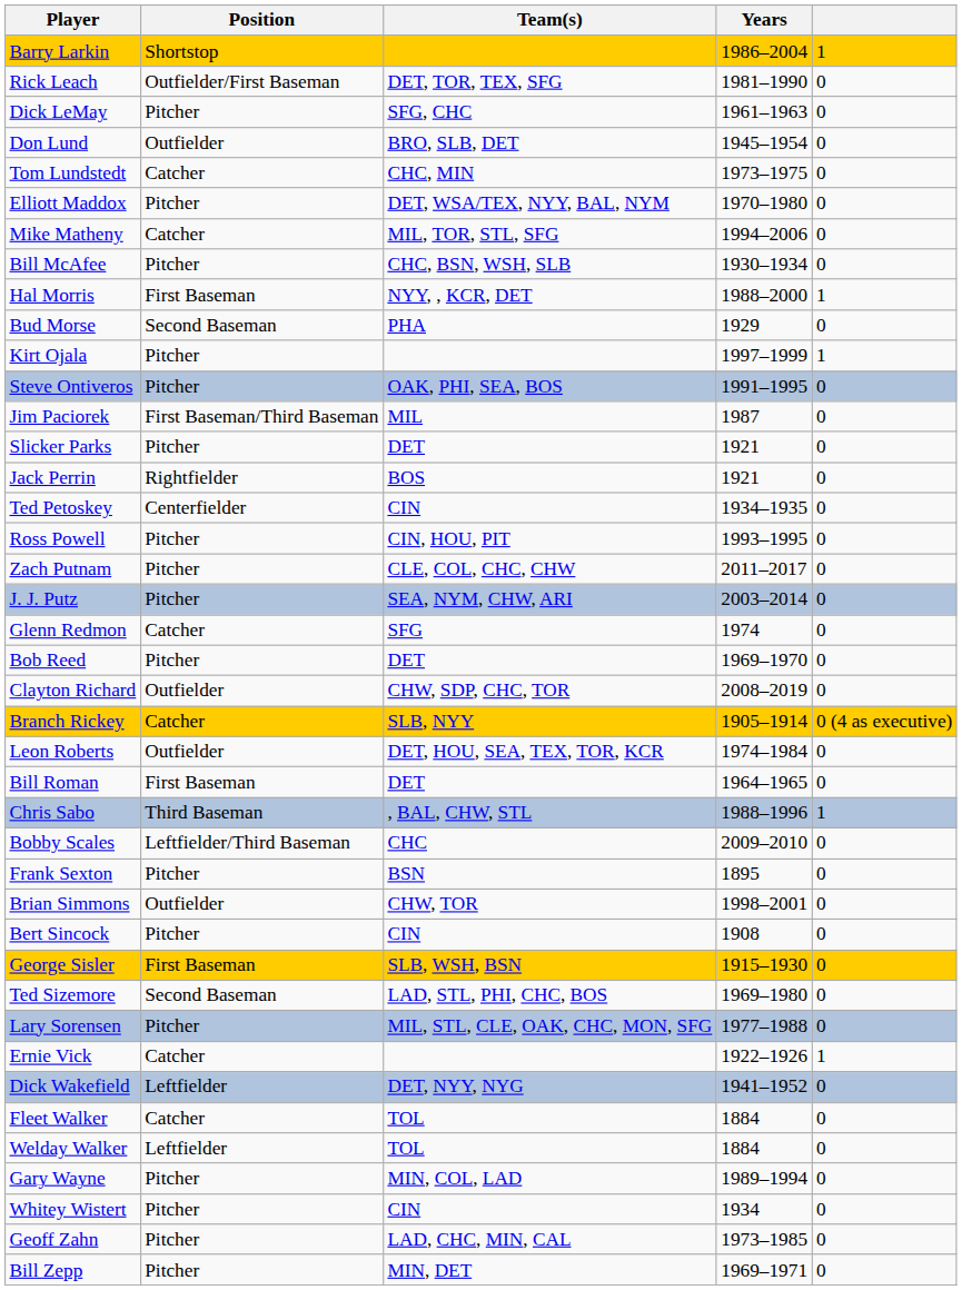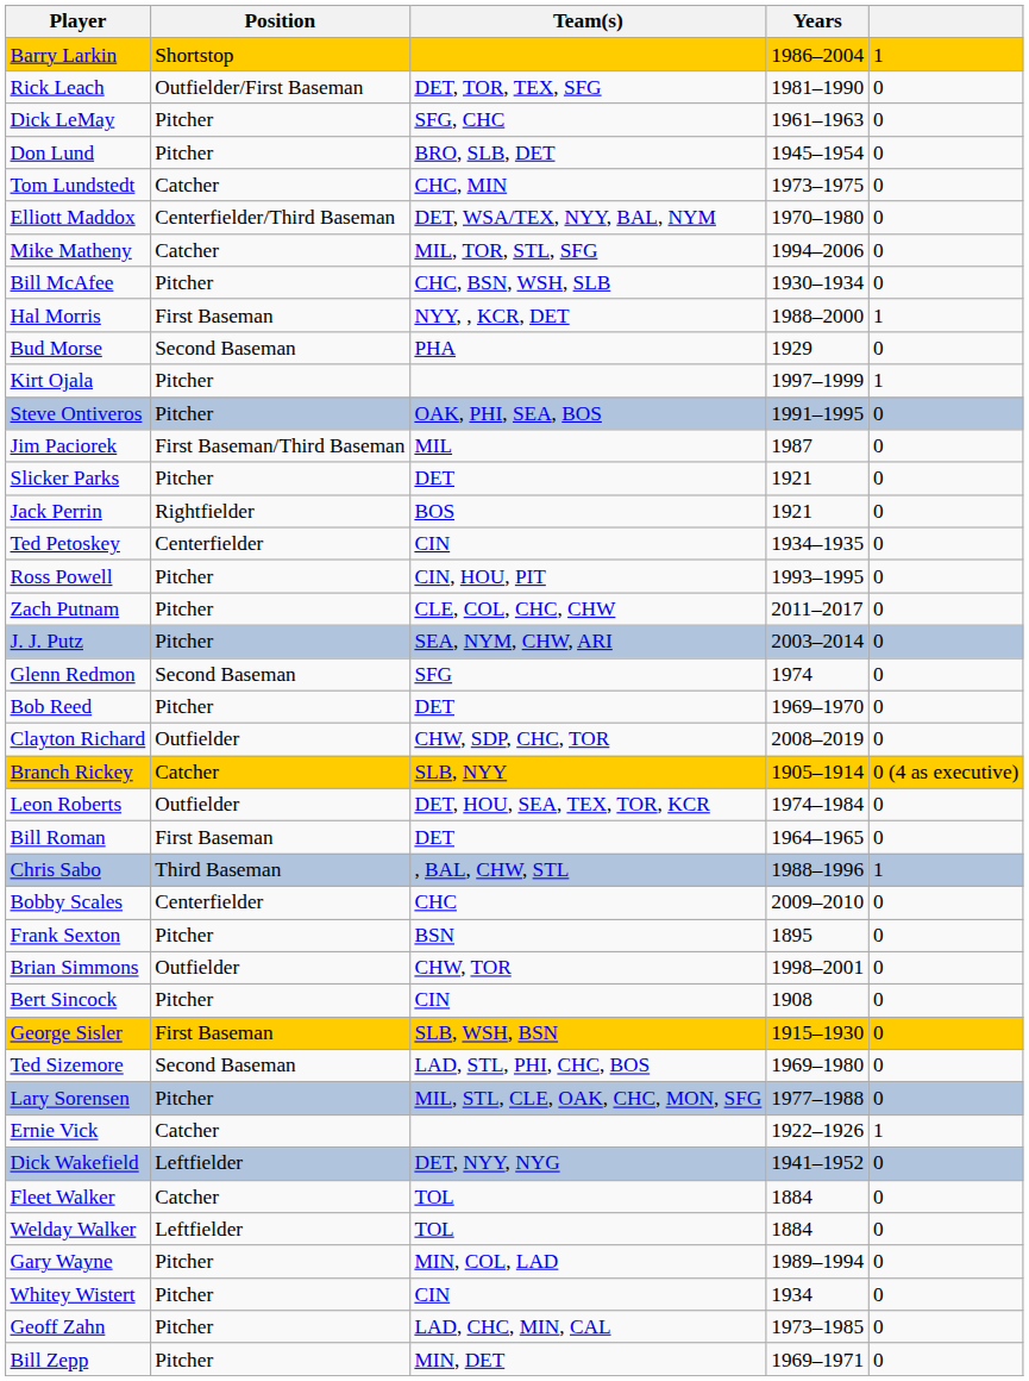 <table class="wikitable sortable">
 <tr>
 <th>Player</th>
 <th>Position</th>
 <th>Team(s)</th>
 <th>Years</th>
 <th><a href='#'></a></th>
 </tr>
 <tr bgcolor=#FFCC00>
 <td><a href='#'>Barry Larkin</a></td>
 <td>Shortstop</td>
 <td><span><strong></strong></span></td>
 <td>1986–2004</td>
 <td>1</td>
 </tr>
 <tr>
 <td><a href='#'>Rick Leach</a></td>
 <td>Outfielder/First Baseman</td>
 <td><a href='#'>DET</a>, <a href='#'>TOR</a>, <a href='#'>TEX</a>, <a href='#'>SFG</a></td>
 <td>1981–1990</td>
 <td>0</td>
 </tr>
 <tr>
 <td><a href='#'>Dick LeMay</a></td>
 <td>Pitcher</td>
 <td><a href='#'>SFG</a>, <a href='#'>CHC</a></td>
 <td>1961–1963</td>
 <td>0</td>
 </tr>
 <tr>
 <td><a href='#'>Don Lund</a></td>
-<td>Outfielder</td>
+<td>Pitcher</td>
 <td><a href='#'>BRO</a>, <a href='#'>SLB</a>, <a href='#'>DET</a></td>
 <td>1945–1954</td>
 <td>0</td>
 </tr>
 <tr>
 <td><a href='#'>Tom Lundstedt</a></td>
 <td>Catcher</td>
 <td><a href='#'>CHC</a>, <a href='#'>MIN</a></td>
 <td>1973–1975</td>
 <td>0</td>
 </tr>
 <tr>
 <td><a href='#'>Elliott Maddox</a></td>
-<td>Pitcher</td>
+<td>Centerfielder/Third Baseman</td>
 <td><a href='#'>DET</a>, <a href='#'>WSA/TEX</a>, <a href='#'>NYY</a>, <a href='#'>BAL</a>, <a href='#'>NYM</a></td>
 <td>1970–1980</td>
 <td>0</td>
 </tr>
 <tr>
 <td><a href='#'>Mike Matheny</a></td>
 <td>Catcher</td>
 <td><a href='#'>MIL</a>, <a href='#'>TOR</a>, <a href='#'>STL</a>, <a href='#'>SFG</a></td>
 <td>1994–2006</td>
 <td>0</td>
 </tr>
 <tr>
 <td><a href='#'>Bill McAfee</a></td>
 <td>Pitcher</td>
 <td><a href='#'>CHC</a>, <a href='#'>BSN</a>, <a href='#'>WSH</a>, <a href='#'>SLB</a></td>
 <td>1930–1934</td>
 <td>0</td>
 </tr>
 <tr>
 <td><a href='#'>Hal Morris</a></td>
 <td>First Baseman</td>
 <td><a href='#'>NYY</a>, <span><strong></strong></span>, <a href='#'>KCR</a>, <a href='#'>DET</a></td>
 <td>1988–2000</td>
 <td>1</td>
 </tr>
 <tr>
 <td><a href='#'>Bud Morse</a></td>
 <td>Second Baseman</td>
 <td><a href='#'>PHA</a></td>
 <td>1929</td>
 <td>0</td>
 </tr>
 <tr>
 <td><a href='#'>Kirt Ojala</a></td>
 <td>Pitcher</td>
 <td><span><strong></strong></span></td>
 <td>1997–1999</td>
 <td>1</td>
 </tr>
 <tr bgcolor=lightsteelblue>
 <td><a href='#'>Steve Ontiveros</a></td>
 <td>Pitcher</td>
 <td><a href='#'>OAK</a>, <a href='#'>PHI</a>, <a href='#'>SEA</a>, <a href='#'>BOS</a></td>
 <td>1991–1995</td>
 <td>0</td>
 </tr>
 <tr>
 <td><a href='#'>Jim Paciorek</a></td>
 <td>First Baseman/Third Baseman</td>
 <td><a href='#'>MIL</a></td>
 <td>1987</td>
 <td>0</td>
 </tr>
 <tr>
 <td><a href='#'>Slicker Parks</a></td>
 <td>Pitcher</td>
 <td><a href='#'>DET</a></td>
 <td>1921</td>
 <td>0</td>
 </tr>
 <tr>
 <td><a href='#'>Jack Perrin</a></td>
 <td>Rightfielder</td>
 <td><a href='#'>BOS</a></td>
 <td>1921</td>
 <td>0</td>
 </tr>
 <tr>
 <td><a href='#'>Ted Petoskey</a></td>
 <td>Centerfielder</td>
 <td><a href='#'>CIN</a></td>
 <td>1934–1935</td>
 <td>0</td>
 </tr>
 <tr>
 <td><a href='#'>Ross Powell</a></td>
 <td>Pitcher</td>
 <td><a href='#'>CIN</a>, <a href='#'>HOU</a>, <a href='#'>PIT</a></td>
 <td>1993–1995</td>
 <td>0</td>
 </tr>
 <tr>
 <td><a href='#'>Zach Putnam</a></td>
 <td>Pitcher</td>
 <td><a href='#'>CLE</a>, <a href='#'>COL</a>, <a href='#'>CHC</a>, <a href='#'>CHW</a></td>
 <td>2011–2017</td>
 <td>0</td>
 </tr>
 <tr bgcolor=lightsteelblue>
 <td><a href='#'>J. J. Putz</a></td>
 <td>Pitcher</td>
 <td><a href='#'>SEA</a>, <a href='#'>NYM</a>, <a href='#'>CHW</a>, <a href='#'>ARI</a></td>
 <td>2003–2014</td>
 <td>0</td>
 </tr>
 <tr>
 <td><a href='#'>Glenn Redmon</a></td>
-<td>Catcher</td>
+<td>Second Baseman</td>
 <td><a href='#'>SFG</a></td>
 <td>1974</td>
 <td>0</td>
 </tr>
 <tr>
 <td><a href='#'>Bob Reed</a></td>
 <td>Pitcher</td>
 <td><a href='#'>DET</a></td>
 <td>1969–1970</td>
 <td>0</td>
 </tr>
 <tr>
 <td><a href='#'>Clayton Richard</a></td>
 <td>Outfielder</td>
 <td><a href='#'>CHW</a>, <a href='#'>SDP</a>, <a href='#'>CHC</a>, <a href='#'>TOR</a></td>
 <td>2008–2019</td>
 <td>0</td>
 </tr>
 <tr bgcolor=#FFCC00>
 <td><a href='#'>Branch Rickey</a></td>
 <td>Catcher</td>
 <td><a href='#'>SLB</a>, <a href='#'>NYY</a></td>
 <td>1905–1914</td>
 <td>0 (4 as executive)</td>
 </tr>
 <tr>
 <td><a href='#'>Leon Roberts</a></td>
 <td>Outfielder</td>
 <td><a href='#'>DET</a>, <a href='#'>HOU</a>, <a href='#'>SEA</a>, <a href='#'>TEX</a>, <a href='#'>TOR</a>, <a href='#'>KCR</a></td>
 <td>1974–1984</td>
 <td>0</td>
 </tr>
 <tr>
 <td><a href='#'>Bill Roman</a></td>
 <td>First Baseman</td>
 <td><a href='#'>DET</a></td>
 <td>1964–1965</td>
 <td>0</td>
 </tr>
 <tr bgcolor=lightsteelblue>
 <td><a href='#'>Chris Sabo</a></td>
 <td>Third Baseman</td>
 <td><span><strong></strong></span>, <a href='#'>BAL</a>, <a href='#'>CHW</a>, <a href='#'>STL</a></td>
 <td>1988–1996</td>
 <td>1</td>
 </tr>
 <tr>
 <td><a href='#'>Bobby Scales</a></td>
-<td>Leftfielder/Third Baseman</td>
+<td>Centerfielder</td>
 <td><a href='#'>CHC</a></td>
 <td>2009–2010</td>
 <td>0</td>
 </tr>
 <tr>
 <td><a href='#'>Frank Sexton</a></td>
 <td>Pitcher</td>
 <td><a href='#'>BSN</a></td>
 <td>1895</td>
 <td>0</td>
 </tr>
 <tr>
 <td><a href='#'>Brian Simmons</a></td>
 <td>Outfielder</td>
 <td><a href='#'>CHW</a>, <a href='#'>TOR</a></td>
 <td>1998–2001</td>
 <td>0</td>
 </tr>
 <tr>
 <td><a href='#'>Bert Sincock</a></td>
 <td>Pitcher</td>
 <td><a href='#'>CIN</a></td>
 <td>1908</td>
 <td>0</td>
 </tr>
 <tr bgcolor=#FFCCOO>
 <td><a href='#'>George Sisler</a></td>
 <td>First Baseman</td>
 <td><a href='#'>SLB</a>, <a href='#'>WSH</a>, <a href='#'>BSN</a></td>
 <td>1915–1930</td>
 <td>0</td>
 </tr>
 <tr>
 <td><a href='#'>Ted Sizemore</a></td>
 <td>Second Baseman</td>
 <td><a href='#'>LAD</a>, <a href='#'>STL</a>, <a href='#'>PHI</a>, <a href='#'>CHC</a>, <a href='#'>BOS</a></td>
 <td>1969–1980</td>
 <td>0</td>
 </tr>
 <tr bgcolor=lightsteelblue>
 <td><a href='#'>Lary Sorensen</a></td>
 <td>Pitcher</td>
 <td><a href='#'>MIL</a>, <a href='#'>STL</a>, <a href='#'>CLE</a>, <a href='#'>OAK</a>, <a href='#'>CHC</a>, <a href='#'>MON</a>, <a href='#'>SFG</a></td>
 <td>1977–1988</td>
 <td>0</td>
 </tr>
 <tr>
 <td><a href='#'>Ernie Vick</a></td>
 <td>Catcher</td>
 <td><span><strong></strong></span></td>
 <td>1922–1926</td>
 <td>1</td>
 </tr>
 <tr bgcolor=lightsteelblue>
 <td><a href='#'>Dick Wakefield</a></td>
 <td>Leftfielder</td>
 <td><a href='#'>DET</a>, <a href='#'>NYY</a>, <a href='#'>NYG</a></td>
 <td>1941–1952</td>
 <td>0</td>
 </tr>
 <tr>
 <td><a href='#'>Fleet Walker</a></td>
 <td>Catcher</td>
 <td><a href='#'>TOL</a></td>
 <td>1884</td>
 <td>0</td>
 </tr>
 <tr>
 <td><a href='#'>Welday Walker</a></td>
 <td>Leftfielder</td>
 <td><a href='#'>TOL</a></td>
 <td>1884</td>
 <td>0</td>
 </tr>
 <tr>
 <td><a href='#'>Gary Wayne</a></td>
 <td>Pitcher</td>
 <td><a href='#'>MIN</a>, <a href='#'>COL</a>, <a href='#'>LAD</a></td>
 <td>1989–1994</td>
 <td>0</td>
 </tr>
 <tr>
 <td><a href='#'>Whitey Wistert</a></td>
 <td>Pitcher</td>
 <td><a href='#'>CIN</a></td>
 <td>1934</td>
 <td>0</td>
 </tr>
 <tr>
 <td><a href='#'>Geoff Zahn</a></td>
 <td>Pitcher</td>
 <td><a href='#'>LAD</a>, <a href='#'>CHC</a>, <a href='#'>MIN</a>, <a href='#'>CAL</a></td>
 <td>1973–1985</td>
 <td>0</td>
 </tr>
 <tr>
 <td><a href='#'>Bill Zepp</a></td>
 <td>Pitcher</td>
 <td><a href='#'>MIN</a>, <a href='#'>DET</a></td>
 <td>1969–1971</td>
 <td>0</td>
 </tr>
 <tr>
 </tr>
 </table>
